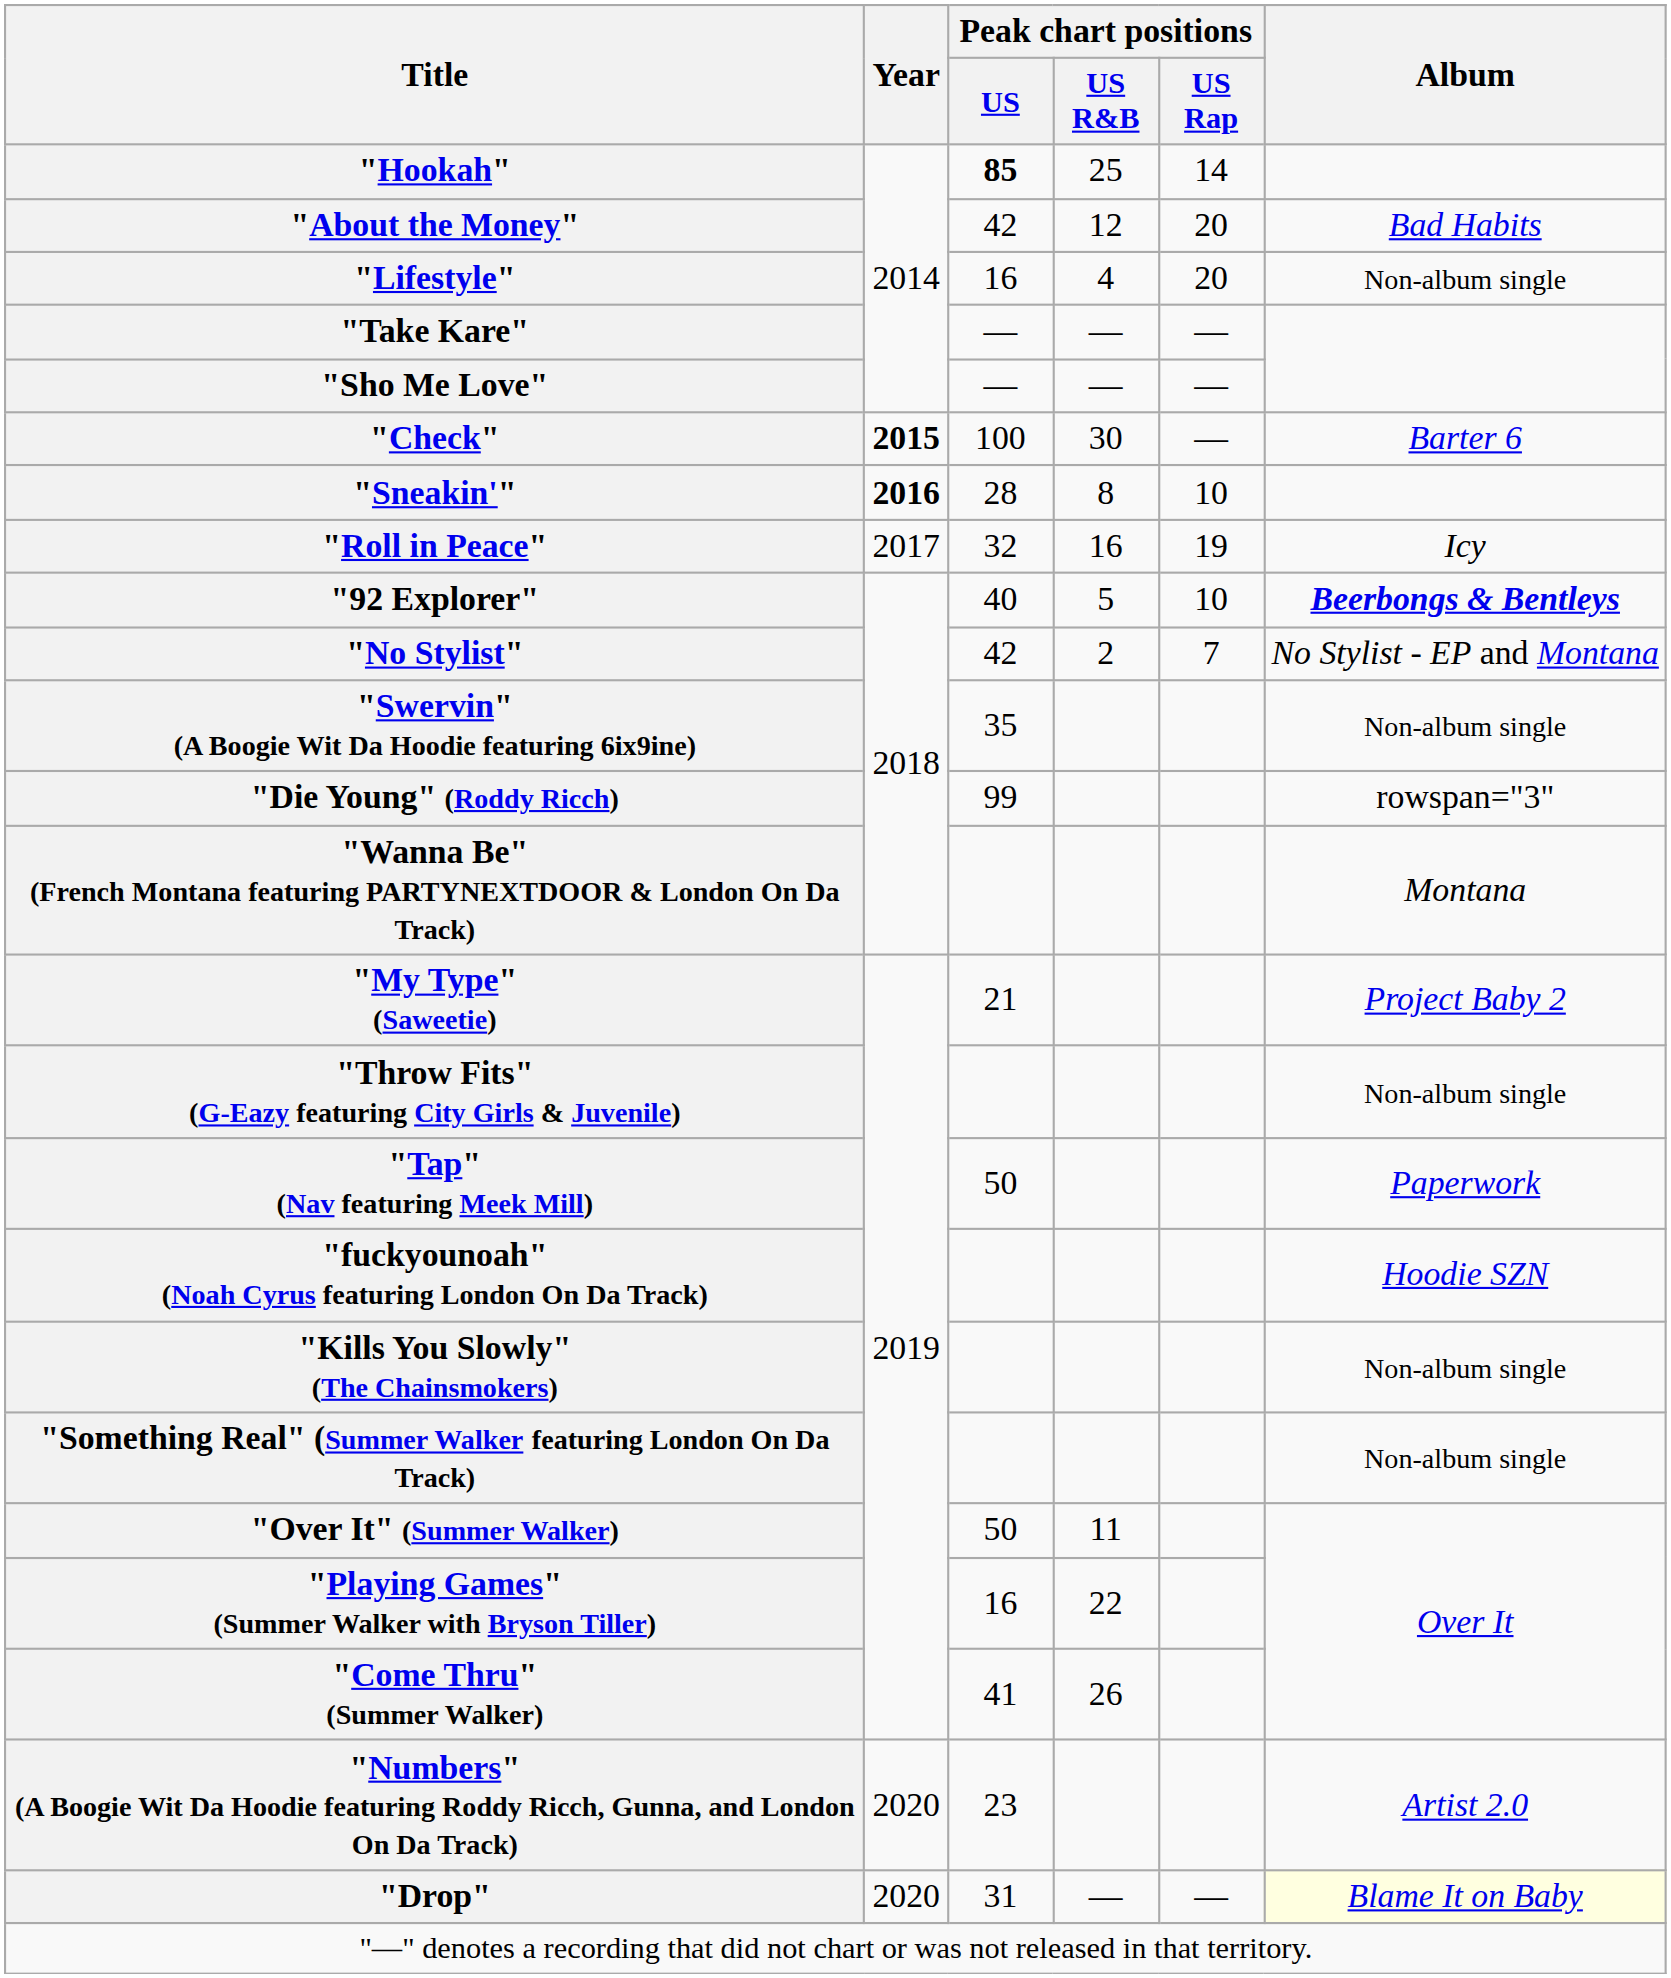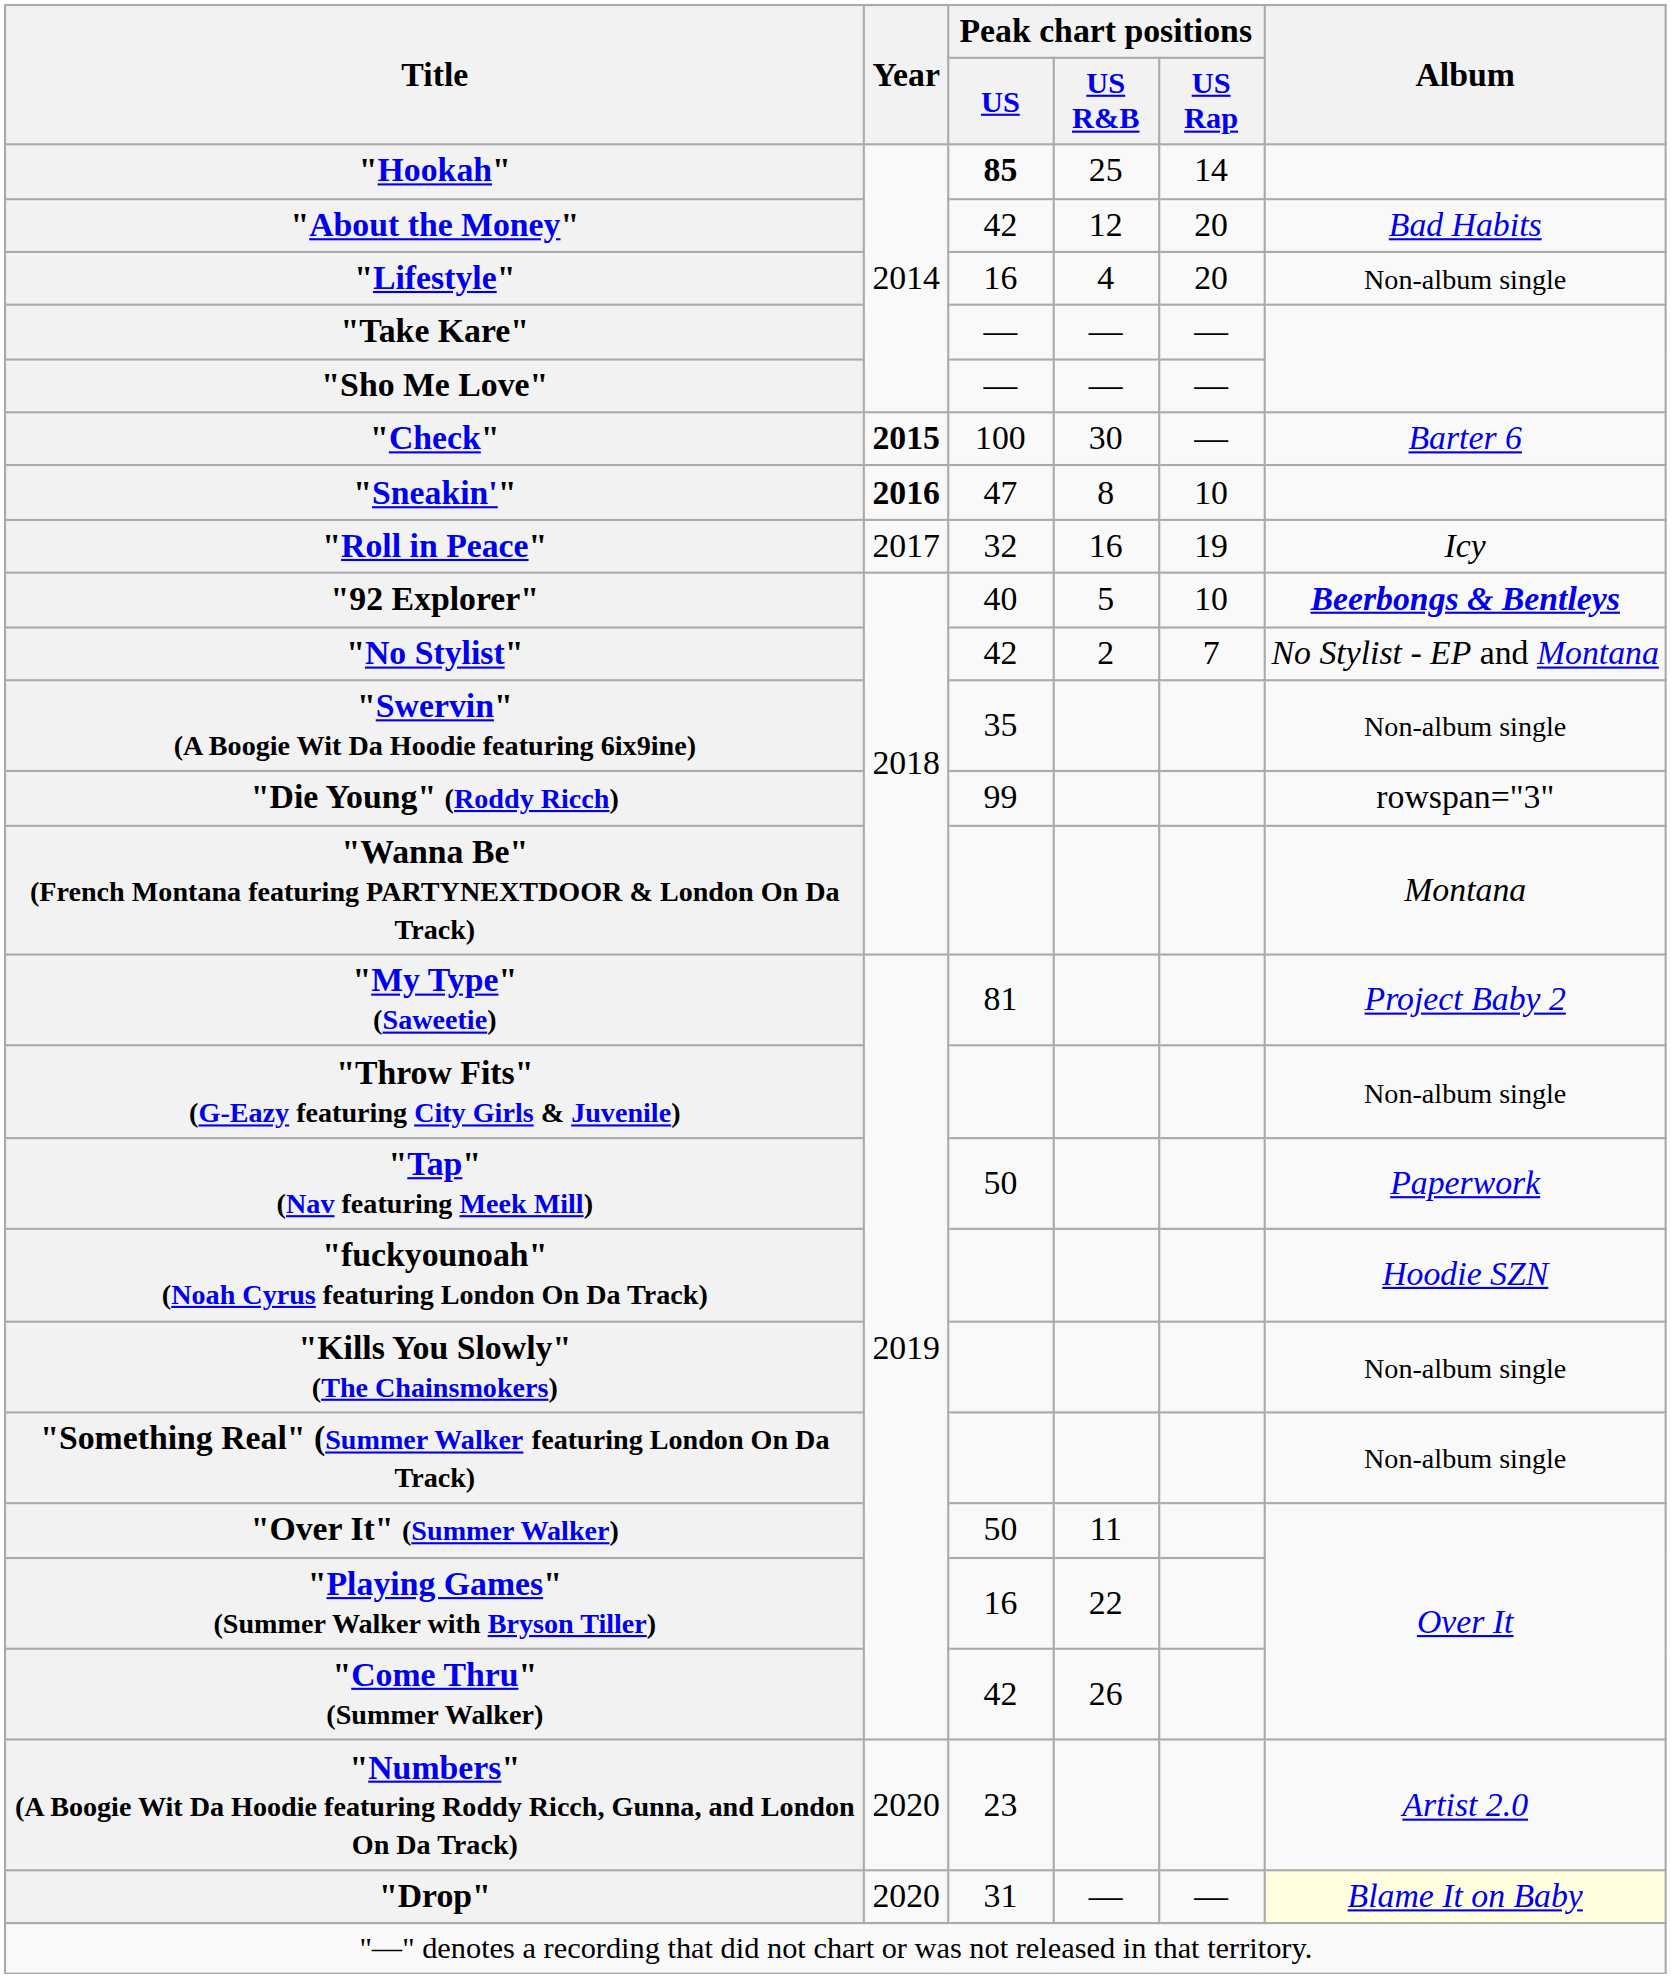 <table class="wikitable plainrowheaders" style="text-align:center;">
 <tr>
 <th style="width:25em;" rowspan="2" scope="col">Title</th>
 <th rowspan="2" scope="col">Year</th>
 <th scope="col" colspan="3">Peak chart positions</th>
 <th scope="col" rowspan="2">Album</th>
 </tr>
 <tr>
 <th scope="col" style="width:3em;font-size:90%;"><a href='#'>US</a><br></th>
 <th scope="col" style="width:3em;font-size:90%;"><a href='#'>US R&B</a><br></th>
 <th scope="col" style="width:3em;font-size:90%;"><a href='#'>US Rap</a><br></th>
 </tr>
 <tr>
 <th scope="row">"<a href='#'>Hookah</a>"<br></th>
 <td rowspan="5">2014</td>
 <td><strong>85</strong></td>
 <td>25</td>
 <td>14</td>
 <td></td>
 </tr>
 <tr>
 <th scope="row">"<a href='#'>About the Money</a>"<br></th>
 <td>42</td>
 <td>12</td>
 <td>20</td>
 <td><em><a href='#'>Bad Habits</a></em></td>
 </tr>
 <tr>
 <th scope="row">"<a href='#'>Lifestyle</a>"<br></th>
 <td>16</td>
 <td>4</td>
 <td>20</td>
 <td><small>Non-album single</small></td>
 </tr>
 <tr>
 <th scope="row">"Take Kare"<br></th>
 <td>—</td>
 <td>—</td>
 <td>—</td>
 </tr>
 <tr>
 <th scope="row">"Sho Me Love"<br></th>
 <td>—</td>
 <td>—</td>
 <td>—</td>
 </tr>
 <tr>
 <th scope="row">"<a href='#'>Check</a>"<br></th>
 <td><strong>2015</strong></td>
 <td>100</td>
 <td>30</td>
 <td>—</td>
 <td><em><a href='#'>Barter 6</a></em></td>
 </tr>
 <tr>
 <th scope="row">"<a href='#'>Sneakin'</a>"<br></th>
 <td><strong>2016</strong></td>
-<td>28</td>
+<td>47</td>
 <td>8</td>
 <td>10</td>
 <td></td>
 </tr>
 <tr>
 <th scope="row">"<a href='#'>Roll in Peace</a>"<br></th>
 <td>2017</td>
 <td>32</td>
 <td>16</td>
 <td>19</td>
 <td><em>Icy</em></td>
 </tr>
 <tr>
 <th scope="row">"92 Explorer"<br></th>
 <td rowspan="5">2018</td>
 <td>40</td>
 <td>5</td>
 <td>10</td>
 <td><strong><em><a href='#'>Beerbongs & Bentleys</a></em></strong></td>
 </tr>
 <tr>
 <th scope="row">"<a href='#'>No Stylist</a>"<br></th>
 <td>42</td>
 <td>2</td>
 <td>7</td>
 <td><em>No Stylist - EP</em> and <em><a href='#'>Montana</a></em></td>
 </tr>
 <tr>
 <th scope="row">"<a href='#'>Swervin</a>"<br><small>(A Boogie Wit Da Hoodie featuring 6ix9ine)</small></th>
 <td>35</td>
 <td></td>
 <td></td>
 <td><small>Non-album single</small></td>
 </tr>
 <tr>
 <th scope="row">"Die Young" <small>(<a href='#'>Roddy Ricch</a>)</small></th>
 <td>99</td>
 <td></td>
 <td></td>
 <td>rowspan="3" </td>
 </tr>
 <tr>
 <th scope="row">"Wanna Be"<br><small>(French Montana featuring PARTYNEXTDOOR & London On Da Track)</small></th>
 <td></td>
 <td></td>
 <td></td>
 <td><em>Montana</em></td>
 </tr>
 <tr>
 <th scope="row">"<a href='#'>My Type</a>"<br><small>(<a href='#'>Saweetie</a>)</small></th>
 <td rowspan="9">2019</td>
-<td>21</td>
+<td>81</td>
 <td></td>
 <td></td>
 <td><em><a href='#'>Project Baby 2</a></em></td>
 </tr>
 <tr>
 <th scope="row">"Throw Fits"<br><small>(<a href='#'>G-Eazy</a> featuring <a href='#'>City Girls</a> & <a href='#'>Juvenile</a>)</small></th>
 <td></td>
 <td></td>
 <td></td>
 <td><small>Non-album single</small></td>
 </tr>
 <tr>
 <th scope="row">"<a href='#'>Tap</a>"<br><small>(<a href='#'>Nav</a> featuring <a href='#'>Meek Mill</a>)</small></th>
 <td>50</td>
 <td></td>
 <td></td>
 <td><em><a href='#'>Paperwork</a></em></td>
 </tr>
 <tr>
 <th scope="row">"fuckyounoah"<br><small>(<a href='#'>Noah Cyrus</a> featuring London On Da Track)</small></th>
 <td></td>
 <td></td>
 <td></td>
 <td><em><a href='#'>Hoodie SZN</a></em></td>
 </tr>
 <tr>
 <th scope="row">"Kills You Slowly"<br><small>(<a href='#'>The Chainsmokers</a>)</small></th>
 <td></td>
 <td></td>
 <td></td>
 <td><small>Non-album single</small></td>
 </tr>
 <tr>
 <th scope="row">"Something Real" (<small><a href='#'>Summer Walker</a></small> <small>featuring London On Da Track)</small></th>
 <td></td>
 <td></td>
 <td></td>
 <td><small>Non-album single</small></td>
 </tr>
 <tr>
 <th scope="row">"Over It" <small>(<a href='#'>Summer Walker</a>)</small></th>
 <td>50</td>
 <td>11</td>
 <td></td>
 <td rowspan="3"><em><a href='#'>Over It</a></em></td>
 </tr>
 <tr>
 <th scope="row">"<a href='#'>Playing Games</a>"<br><small>(Summer Walker with <a href='#'>Bryson Tiller</a>)</small></th>
 <td>16</td>
 <td>22</td>
 <td></td>
 </tr>
 <tr>
 <th scope="row">"<a href='#'>Come Thru</a>"<br><small>(Summer Walker)</small></th>
-<td>41</td>
+<td>42</td>
 <td>26</td>
 <td></td>
 </tr>
 <tr>
 <th scope="row">"<a href='#'>Numbers</a>"<br><small>(A Boogie Wit Da Hoodie featuring Roddy Ricch, Gunna, and London On Da Track)</small></th>
 <td>2020</td>
 <td>23</td>
 <td></td>
 <td></td>
 <td><em><a href='#'>Artist 2.0</a></em></td>
 </tr>
 <tr>
 <th>"Drop" </th>
 <td>2020</td>
 <td>31</td>
 <td>—</td>
 <td>—</td>
 <td style="background: lightyellow;"><em><a href='#'>Blame It on Baby</a></em></td>
 </tr>
 <tr>
 <td style="font-size:90%" colspan="13">"—" denotes a recording that did not chart or was not released in that territory.</td>
 </tr>
 </table>
